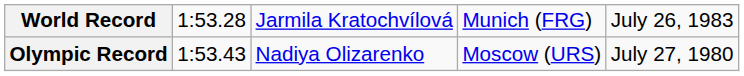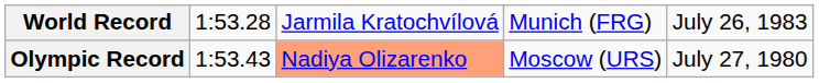 <table class="wikitable">
 <tr>
 <th>World Record</th>
 <td>1:53.28</td>
 <td> <a href='#'>Jarmila Kratochvílová</a></td>
 <td><a href='#'>Munich</a> (<a href='#'>FRG</a>)</td>
 <td>July 26, 1983</td>
 </tr>
 <tr>
 <th>Olympic Record</th>
 <td>1:53.43</td>
-<td> <a href='#'>Nadiya Olizarenko</a></td>
+<td style="background: lightsalmon;"> <a href='#'>Nadiya Olizarenko</a></td>
 <td><a href='#'>Moscow</a> (<a href='#'>URS</a>)</td>
 <td>July 27, 1980</td>
 </tr>
 </table>
